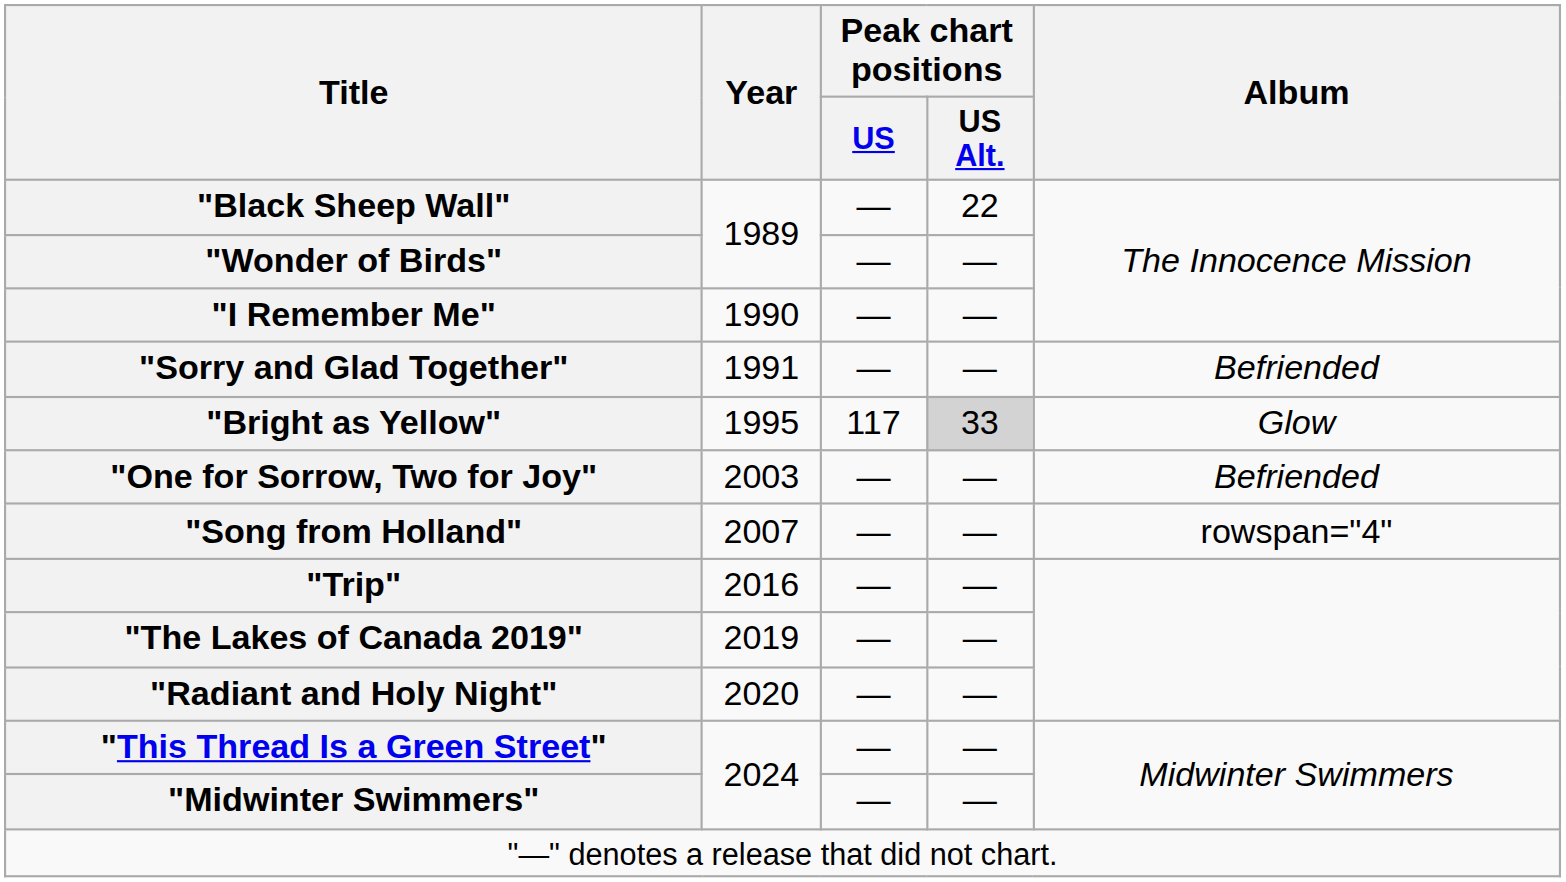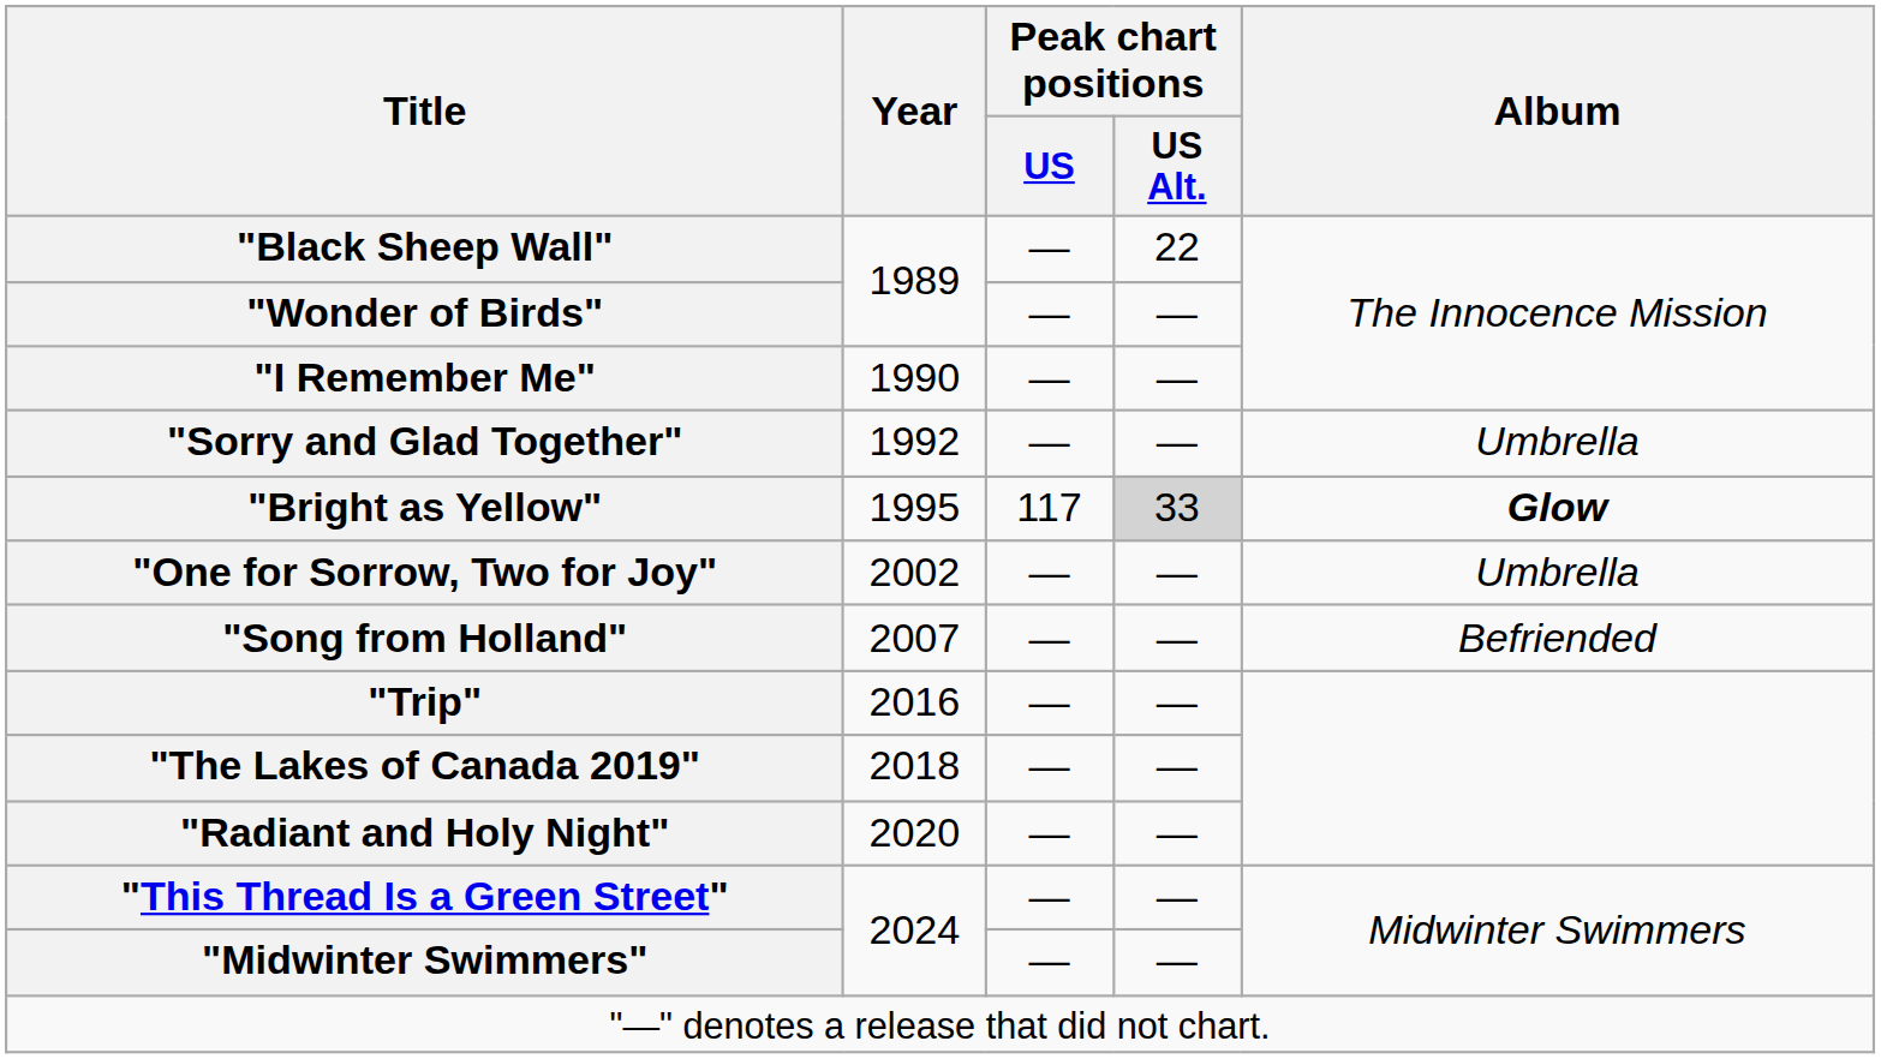 <table class="wikitable plainrowheaders" style="text-align:center;">
 <tr>
 <th scope="col" rowspan="2" style="width:20em;">Title</th>
 <th scope="col" rowspan="2" style="width:3em;">Year</th>
 <th scope="col" colspan="2">Peak chart positions</th>
 <th scope="col" rowspan="2" style="width:15em;">Album</th>
 </tr>
 <tr>
 <th scope="col" style="width:3em;font-size:90%;"><a href='#'>US</a><br></th>
 <th scope="col" style="width:3em;font-size:90%;">US<br><a href='#'>Alt.</a><br></th>
 </tr>
 <tr>
 <th scope="row">"Black Sheep Wall"</th>
 <td rowspan="2">1989</td>
 <td>—</td>
 <td>22</td>
 <td rowspan="3"><em>The Innocence Mission</em></td>
 </tr>
 <tr>
 <th scope="row">"Wonder of Birds"</th>
 <td>—</td>
 <td>—</td>
 </tr>
 <tr>
 <th scope="row">"I Remember Me"</th>
 <td>1990</td>
 <td>—</td>
 <td>—</td>
 </tr>
 <tr>
 <th scope="row">"Sorry and Glad Together"</th>
-<td>1991</td>
+<td>1992</td>
 <td>—</td>
 <td>—</td>
-<td><em>Befriended</em></td>
+<td><em>Umbrella</em></td>
 </tr>
 <tr>
 <th scope="row">"Bright as Yellow"</th>
 <td>1995</td>
 <td>117</td>
 <td style="background: lightgrey;">33</td>
-<td><em>Glow</em></td>
+<td><strong><em>Glow</em></strong></td>
 </tr>
 <tr>
 <th scope="row">"One for Sorrow, Two for Joy"</th>
-<td>2003</td>
+<td>2002</td>
 <td>—</td>
 <td>—</td>
-<td><em>Befriended</em></td>
+<td><em>Umbrella</em></td>
 </tr>
 <tr>
 <th scope="row">"Song from Holland"</th>
 <td>2007</td>
 <td>—</td>
 <td>—</td>
-<td>rowspan="4" </td>
+<td><em>Befriended</em></td>
 </tr>
 <tr>
 <th scope="row">"Trip"</th>
 <td>2016</td>
 <td>—</td>
 <td>—</td>
 </tr>
 <tr>
 <th scope="row">"The Lakes of Canada 2019"</th>
-<td>2019</td>
+<td>2018</td>
 <td>—</td>
 <td>—</td>
 </tr>
 <tr>
 <th scope="row">"Radiant and Holy Night"</th>
 <td>2020</td>
 <td>—</td>
 <td>—</td>
 </tr>
 <tr>
 <th scope="row">"<a href='#'>This Thread Is a Green Street</a>"</th>
 <td rowspan="2">2024</td>
 <td>—</td>
 <td>—</td>
 <td rowspan="2"><em>Midwinter Swimmers</em></td>
 </tr>
 <tr>
 <th scope="row">"Midwinter Swimmers"</th>
 <td>—</td>
 <td>—</td>
 </tr>
 <tr>
 <td colspan="14" style="font-size:90%">"—" denotes a release that did not chart.</td>
 </tr>
 </table>
